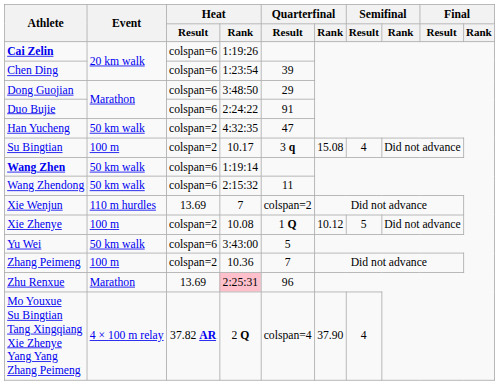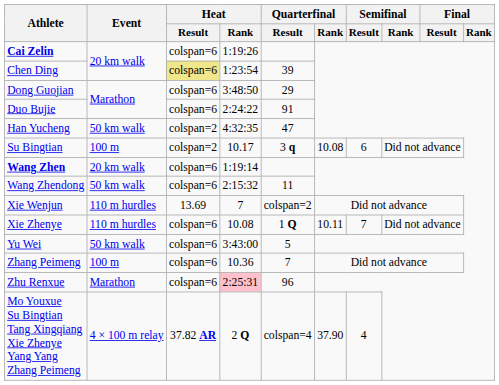 <table class="wikitable" style="font-size:90%">
 <tr>
 <th rowspan="2">Athlete</th>
 <th rowspan="2">Event</th>
 <th colspan="2">Heat</th>
 <th colspan="2">Quarterfinal</th>
 <th colspan="2">Semifinal</th>
 <th colspan="2">Final</th>
 </tr>
 <tr style="font-size:95%">
 <th>Result</th>
 <th>Rank</th>
 <th>Result</th>
 <th>Rank</th>
 <th>Result</th>
 <th>Rank</th>
 <th>Result</th>
 <th>Rank</th>
 </tr>
 <tr align=center>
 <td align=left><strong><a href='#'>Cai Zelin</a></strong></td>
 <td align=left rowspan=2><a href='#'>20 km walk</a></td>
 <td>colspan=6 </td>
 <td>1:19:26</td>
 <td></td>
 </tr>
 <tr align=center>
 <td align=left><a href='#'>Chen Ding</a></td>
-<td>colspan=6 </td>
+<td style="background: khaki;">colspan=6 </td>
 <td>1:23:54</td>
 <td>39</td>
 </tr>
 <tr align=center>
 <td align=left><a href='#'>Dong Guojian</a></td>
 <td align=left rowspan=2><a href='#'>Marathon</a></td>
 <td>colspan=6 </td>
 <td>3:48:50</td>
 <td>29</td>
 </tr>
 <tr align=center>
 <td align=left><a href='#'>Duo Bujie</a></td>
 <td>colspan=6 </td>
 <td>2:24:22</td>
 <td>91</td>
 </tr>
 <tr align=center>
 <td align=left><a href='#'>Han Yucheng</a></td>
 <td align=left><a href='#'>50 km walk</a></td>
 <td>colspan=2 </td>
 <td>4:32:35</td>
 <td>47</td>
 </tr>
 <tr align=center>
 <td align=left><a href='#'>Su Bingtian</a></td>
 <td align=left><a href='#'>100 m</a></td>
 <td>colspan=2 </td>
 <td>10.17</td>
 <td>3 <strong>q</strong></td>
-<td>15.08</td>
-<td>4</td>
+<td>10.08</td>
+<td>6</td>
 <td colspan=2>Did not advance</td>
 </tr>
 <tr align=center>
 <td align=left><strong><a href='#'>Wang Zhen</a></strong></td>
-<td align=left><a href='#'>50 km walk</a></td>
+<td align=left><a href='#'>20 km walk</a></td>
 <td>colspan=6 </td>
 <td>1:19:14</td>
 <td></td>
 </tr>
 <tr align=center>
 <td align=left><a href='#'>Wang Zhendong</a></td>
 <td align=left><a href='#'>50 km walk</a></td>
 <td>colspan=6 </td>
 <td>2:15:32</td>
 <td>11</td>
 </tr>
 <tr align=center>
 <td align=left><a href='#'>Xie Wenjun</a></td>
 <td align=left><a href='#'>110 m hurdles</a></td>
 <td>13.69</td>
 <td>7</td>
 <td>colspan=2 </td>
 <td colspan=4>Did not advance</td>
 </tr>
 <tr align=center>
 <td align=left><a href='#'>Xie Zhenye</a></td>
-<td align=left><a href='#'>100 m</a></td>
-<td>colspan=2 </td>
+<td align=left><a href='#'>110 m hurdles</a></td>
+<td>colspan=6 </td>
 <td>10.08</td>
 <td>1 <strong>Q</strong></td>
-<td>10.12</td>
-<td>5</td>
+<td>10.11</td>
+<td>7</td>
 <td colspan=2>Did not advance</td>
 </tr>
 <tr align=center>
 <td align=left><a href='#'>Yu Wei</a></td>
 <td align=left><a href='#'>50 km walk</a></td>
 <td>colspan=6 </td>
 <td>3:43:00</td>
 <td>5</td>
 </tr>
 <tr align=center>
 <td align=left><a href='#'>Zhang Peimeng</a></td>
 <td align=left><a href='#'>100 m</a></td>
-<td>colspan=2 </td>
+<td>colspan=6 </td>
 <td>10.36</td>
 <td>7</td>
 <td colspan=4>Did not advance</td>
 </tr>
 <tr align=center>
 <td align=left><a href='#'>Zhu Renxue</a></td>
 <td align=left><a href='#'>Marathon</a></td>
-<td>13.69</td>
+<td>colspan=6 </td>
 <td style="background: pink;">2:25:31</td>
 <td>96</td>
 </tr>
 <tr align=center>
 <td align=left><a href='#'>Mo Youxue</a><br><a href='#'>Su Bingtian</a><br><a href='#'>Tang Xingqiang</a><br><a href='#'>Xie Zhenye</a><br><a href='#'>Yang Yang</a><br><a href='#'>Zhang Peimeng</a></td>
 <td align=left><a href='#'>4 × 100 m relay</a></td>
 <td>37.82 <strong><a href='#'>AR</a></strong></td>
 <td>2 <strong>Q</strong></td>
 <td>colspan=4 </td>
 <td>37.90</td>
 <td>4</td>
 </tr>
 </table>
